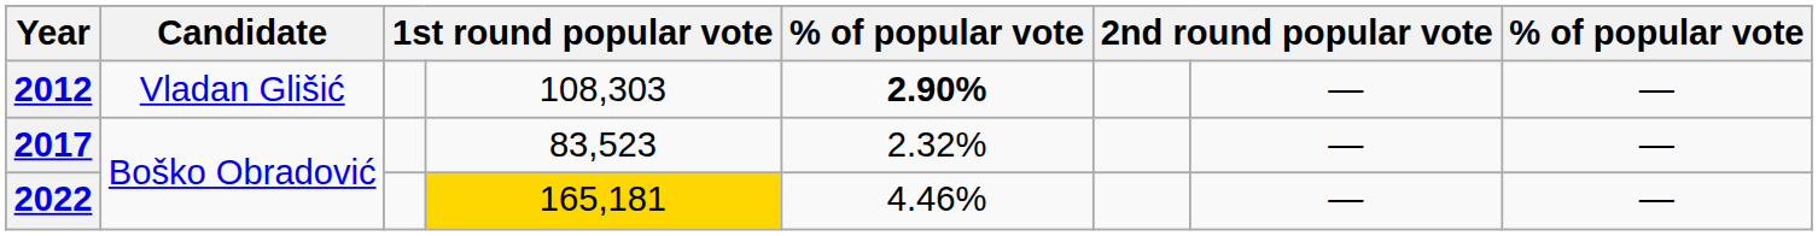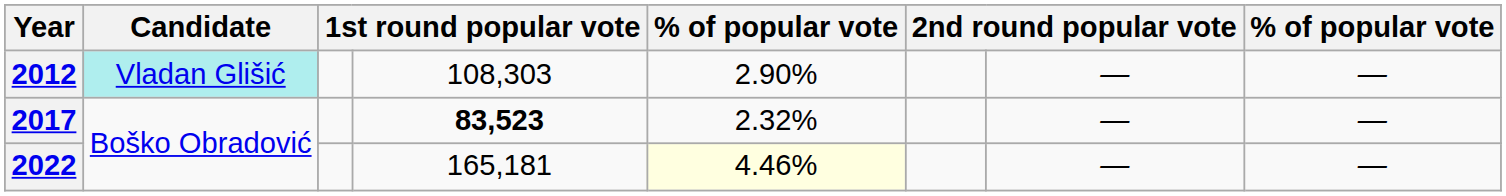 <table class="wikitable" style="text-align:center">
 <tr>
 <th>Year</th>
 <th>Candidate</th>
 <th colspan="2">1st round popular vote</th>
 <th>% of popular vote</th>
 <th colspan="2">2nd round popular vote</th>
 <th>% of popular vote</th>
 </tr>
 <tr>
 <th><a href='#'>2012</a></th>
-<td><a href='#'>Vladan Glišić</a></td>
+<td style="background: paleturquoise;"><a href='#'>Vladan Glišić</a></td>
 <td></td>
 <td>108,303</td>
-<td><strong>2.90%</strong></td>
+<td>2.90%</td>
 <td></td>
 <td><em>—</em></td>
 <td><em>—</em></td>
 </tr>
 <tr>
 <th><a href='#'>2017</a></th>
 <td rowspan="2"><a href='#'>Boško Obradović</a></td>
 <td></td>
-<td>83,523</td>
+<td><strong>83,523</strong></td>
 <td>2.32%</td>
 <td></td>
 <td><em>—</em></td>
 <td><em>—</em></td>
 </tr>
 <tr>
 <th><a href='#'>2022</a></th>
 <td></td>
-<td style="background: gold;">165,181</td>
-<td>4.46%</td>
+<td>165,181</td>
+<td style="background: lightyellow;">4.46%</td>
 <td></td>
 <td><em>—</em></td>
 <td><em>—</em></td>
 </tr>
 </table>
